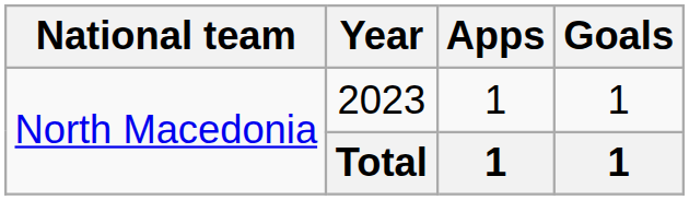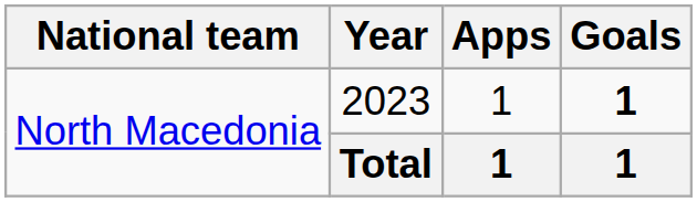 <table class="wikitable" style="text-align: center;">
 <tr>
 <th>National team</th>
 <th>Year</th>
 <th>Apps</th>
 <th>Goals</th>
 </tr>
 <tr>
 <td rowspan="5"><a href='#'>North Macedonia</a></td>
 <td>2023</td>
 <td>1</td>
-<td>1</td>
+<td><strong>1</strong></td>
 </tr>
 <tr>
 <th colspan=1>Total</th>
 <th>1</th>
 <th>1</th>
 </tr>
 </table>
